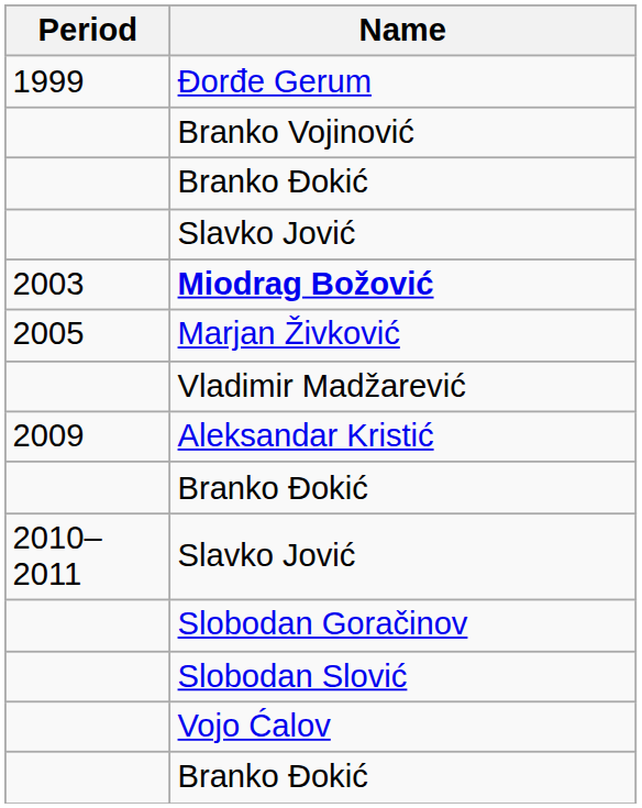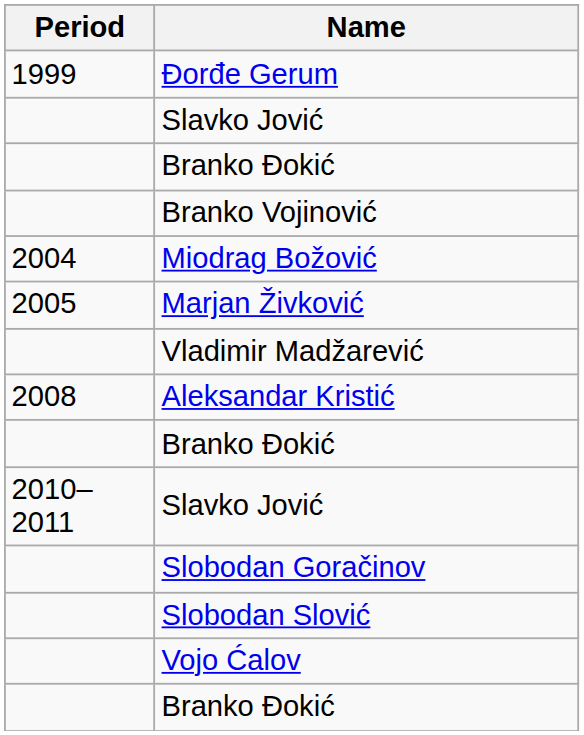 <table class="wikitable">
 <tr>
 <th width="75">Period</th>
 <th width="225">Name</th>
 </tr>
 <tr>
 <td>1999</td>
 <td> <a href='#'>Đorđe Gerum</a></td>
 </tr>
 <tr>
 <td></td>
-<td> Branko Vojinović</td>
+<td> Slavko Jović</td>
 </tr>
 <tr>
 <td></td>
 <td> Branko Đokić</td>
 </tr>
 <tr>
 <td></td>
-<td> Slavko Jović</td>
+<td> Branko Vojinović</td>
 </tr>
 <tr>
-<td>2003</td>
-<td><strong> <a href='#'>Miodrag Božović</a></strong></td>
+<td>2004</td>
+<td> <a href='#'>Miodrag Božović</a></td>
 </tr>
 <tr>
 <td>2005</td>
 <td> <a href='#'>Marjan Živković</a></td>
 </tr>
 <tr>
 <td></td>
 <td> Vladimir Madžarević</td>
 </tr>
 <tr>
-<td>2009</td>
+<td>2008</td>
 <td> <a href='#'>Aleksandar Kristić</a></td>
 </tr>
 <tr>
 <td></td>
 <td> Branko Đokić</td>
 </tr>
 <tr>
 <td>2010–2011</td>
 <td> Slavko Jović</td>
 </tr>
 <tr>
 <td></td>
 <td> <a href='#'>Slobodan Goračinov</a></td>
 </tr>
 <tr>
 <td></td>
 <td> <a href='#'>Slobodan Slović</a></td>
 </tr>
 <tr>
 <td></td>
 <td> <a href='#'>Vojo Ćalov</a></td>
 </tr>
 <tr>
 <td></td>
 <td> Branko Đokić</td>
 </tr>
 </table>
